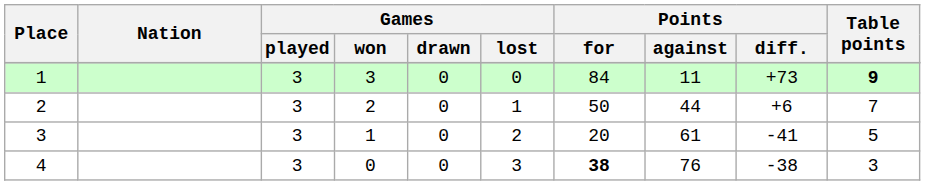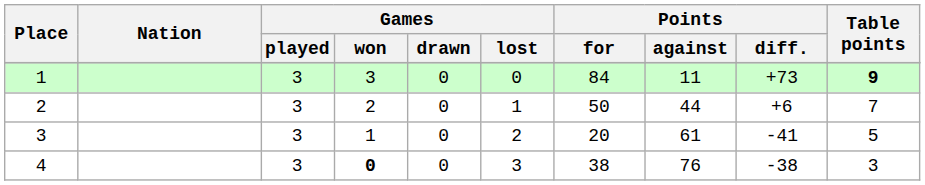 <table class="wikitable">
 <tr>
 <th rowspan=2 width="8%">Place</th>
 <th rowspan=2 width="20%">Nation</th>
 <th colspan=4 width="32%">Games</th>
 <th colspan=3 width="30%">Points</th>
 <th rowspan=2 width="10%">Table<br>points</th>
 </tr>
 <tr>
 <th width="8%">played</th>
 <th width="8%">won</th>
 <th width="8%">drawn</th>
 <th width="8%">lost</th>
 <th width="10%">for</th>
 <th width="10%">against</th>
 <th width="10%">diff.</th>
 </tr>
 <tr>
 </tr>
 <tr bgcolor=#ccffcc align=center>
 <td>1</td>
 <td align=left><strong></strong></td>
 <td>3</td>
 <td>3</td>
 <td>0</td>
 <td>0</td>
 <td>84</td>
 <td>11</td>
 <td>+73</td>
 <td><strong>9</strong></td>
 </tr>
 <tr bgcolor=#ffffff align=center>
 <td>2</td>
 <td align=left></td>
 <td>3</td>
 <td>2</td>
 <td>0</td>
 <td>1</td>
 <td>50</td>
 <td>44</td>
 <td>+6</td>
 <td>7</td>
 </tr>
 <tr bgcolor=#ffffff align=center>
 <td>3</td>
 <td align=left></td>
 <td>3</td>
 <td>1</td>
 <td>0</td>
 <td>2</td>
 <td>20</td>
 <td>61</td>
 <td>-41</td>
 <td>5</td>
 </tr>
 <tr bgcolor=#ffffff align=center>
 <td>4</td>
 <td align=left></td>
 <td>3</td>
-<td>0</td>
+<td><strong>0</strong></td>
 <td>0</td>
 <td>3</td>
-<td><strong>38</strong></td>
+<td>38</td>
 <td>76</td>
 <td>-38</td>
 <td>3</td>
 </tr>
 </table>
